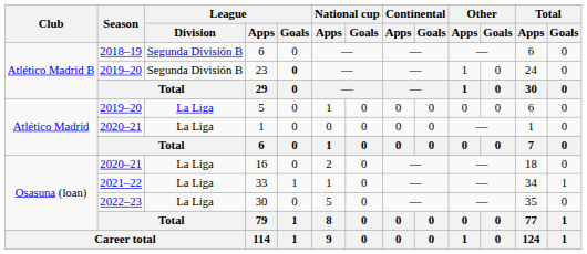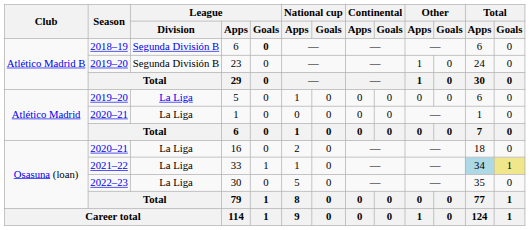 <table class="wikitable" style="text-align:center">
 <tr>
 <th rowspan="2">Club</th>
 <th rowspan="2">Season</th>
 <th colspan="3">League</th>
 <th colspan="2">National cup</th>
 <th colspan="2">Continental</th>
 <th colspan="2">Other</th>
 <th colspan="2">Total</th>
 </tr>
 <tr>
 <th>Division</th>
 <th>Apps</th>
 <th>Goals</th>
 <th>Apps</th>
 <th>Goals</th>
 <th>Apps</th>
 <th>Goals</th>
 <th>Apps</th>
 <th>Goals</th>
 <th>Apps</th>
 <th>Goals</th>
 </tr>
 <tr>
 <td rowspan="3"><a href='#'>Atlético Madrid B</a></td>
 <td><a href='#'>2018–19</a></td>
 <td><a href='#'>Segunda División B</a></td>
 <td>6</td>
-<td>0</td>
+<td><strong>0</strong></td>
 <td colspan="2">—</td>
 <td colspan="2">—</td>
 <td colspan="2">—</td>
 <td>6</td>
 <td>0</td>
 </tr>
 <tr>
 <td><a href='#'>2019–20</a></td>
 <td>Segunda División B</td>
 <td>23</td>
-<td><strong>0</strong></td>
+<td>0</td>
 <td colspan="2">—</td>
 <td colspan="2">—</td>
 <td>1</td>
 <td>0</td>
 <td>24</td>
 <td>0</td>
 </tr>
 <tr>
 <th colspan="2">Total</th>
 <th>29</th>
 <th>0</th>
 <th colspan="2">—</th>
 <th colspan="2">—</th>
 <th>1</th>
 <th>0</th>
 <th>30</th>
 <th>0</th>
 </tr>
 <tr>
 <td rowspan="3"><a href='#'>Atlético Madrid</a></td>
 <td><a href='#'>2019–20</a></td>
 <td><a href='#'>La Liga</a></td>
 <td>5</td>
 <td>0</td>
 <td>1</td>
 <td>0</td>
 <td>0</td>
 <td>0</td>
 <td>0</td>
 <td>0</td>
 <td>6</td>
 <td>0</td>
 </tr>
 <tr>
 <td><a href='#'>2020–21</a></td>
 <td>La Liga</td>
 <td>1</td>
 <td>0</td>
 <td>0</td>
 <td>0</td>
 <td>0</td>
 <td>0</td>
 <td colspan="2">—</td>
 <td>1</td>
 <td>0</td>
 </tr>
 <tr>
 <th colspan="2">Total</th>
 <th>6</th>
 <th>0</th>
 <th>1</th>
 <th>0</th>
 <th>0</th>
 <th>0</th>
 <th>0</th>
 <th>0</th>
 <th>7</th>
 <th>0</th>
 </tr>
 <tr>
 <td rowspan="4"><a href='#'>Osasuna</a> (loan)</td>
 <td><a href='#'>2020–21</a></td>
 <td>La Liga</td>
 <td>16</td>
 <td>0</td>
 <td>2</td>
 <td>0</td>
 <td colspan="2">—</td>
 <td colspan="2">—</td>
 <td>18</td>
 <td>0</td>
 </tr>
 <tr>
 <td><a href='#'>2021–22</a></td>
 <td>La Liga</td>
 <td>33</td>
 <td>1</td>
 <td>1</td>
 <td>0</td>
 <td colspan="2">—</td>
 <td colspan="2">—</td>
-<td>34</td>
-<td>1</td>
+<td style="background: lightblue;">34</td>
+<td style="background: khaki;">1</td>
 </tr>
 <tr>
 <td><a href='#'>2022–23</a></td>
 <td>La Liga</td>
 <td>30</td>
 <td>0</td>
 <td>5</td>
 <td>0</td>
 <td colspan="2">—</td>
 <td colspan="2">—</td>
 <td>35</td>
 <td>0</td>
 </tr>
 <tr>
 <th colspan="2">Total</th>
 <th>79</th>
 <th>1</th>
 <th>8</th>
 <th>0</th>
 <th>0</th>
 <th>0</th>
 <th>0</th>
 <th>0</th>
 <th>77</th>
 <th>1</th>
 </tr>
 <tr>
 <th colspan="3">Career total</th>
 <th>114</th>
 <th>1</th>
 <th>9</th>
 <th>0</th>
 <th>0</th>
 <th>0</th>
 <th>1</th>
 <th>0</th>
 <th>124</th>
 <th>1</th>
 </tr>
 </table>
